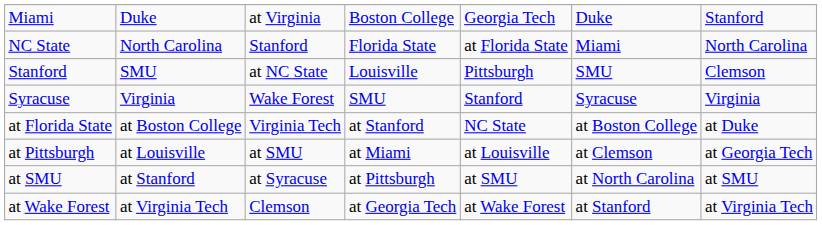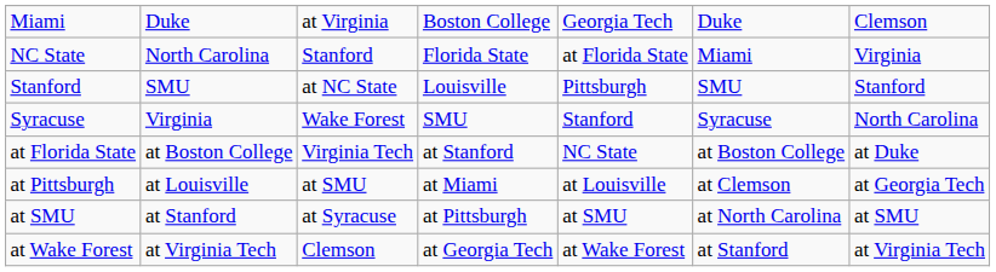 <table class="wikitable">
 <tr>
 </tr>
 <tr>
 <td><a href='#'>Miami</a></td>
 <td><a href='#'>Duke</a></td>
 <td>at <a href='#'>Virginia</a></td>
 <td><a href='#'>Boston College</a></td>
 <td><a href='#'>Georgia Tech</a></td>
 <td><a href='#'>Duke</a></td>
-<td><a href='#'>Stanford</a></td>
+<td><a href='#'>Clemson</a></td>
 </tr>
 <tr>
 <td><a href='#'>NC State</a></td>
 <td><a href='#'>North Carolina</a></td>
 <td><a href='#'>Stanford</a></td>
 <td><a href='#'>Florida State</a></td>
 <td>at <a href='#'>Florida State</a></td>
 <td><a href='#'>Miami</a></td>
-<td><a href='#'>North Carolina</a></td>
+<td><a href='#'>Virginia</a></td>
 </tr>
 <tr>
 <td><a href='#'>Stanford</a></td>
 <td><a href='#'>SMU</a></td>
 <td>at <a href='#'>NC State</a></td>
 <td><a href='#'>Louisville</a></td>
 <td><a href='#'>Pittsburgh</a></td>
 <td><a href='#'>SMU</a></td>
-<td><a href='#'>Clemson</a></td>
+<td><a href='#'>Stanford</a></td>
 </tr>
 <tr>
 <td><a href='#'>Syracuse</a></td>
 <td><a href='#'>Virginia</a></td>
 <td><a href='#'>Wake Forest</a></td>
 <td><a href='#'>SMU</a></td>
 <td><a href='#'>Stanford</a></td>
 <td><a href='#'>Syracuse</a></td>
-<td><a href='#'>Virginia</a></td>
+<td><a href='#'>North Carolina</a></td>
 </tr>
 <tr>
 <td>at <a href='#'>Florida State</a></td>
 <td>at <a href='#'>Boston College</a></td>
 <td><a href='#'>Virginia Tech</a></td>
 <td>at <a href='#'>Stanford</a></td>
 <td><a href='#'>NC State</a></td>
 <td>at <a href='#'>Boston College</a></td>
 <td>at <a href='#'>Duke</a></td>
 </tr>
 <tr>
 <td>at <a href='#'>Pittsburgh</a></td>
 <td>at <a href='#'>Louisville</a></td>
 <td>at <a href='#'>SMU</a></td>
 <td>at <a href='#'>Miami</a></td>
 <td>at <a href='#'>Louisville</a></td>
 <td>at <a href='#'>Clemson</a></td>
 <td>at <a href='#'>Georgia Tech</a></td>
 </tr>
 <tr>
 <td>at <a href='#'>SMU</a></td>
 <td>at <a href='#'>Stanford</a></td>
 <td>at <a href='#'>Syracuse</a></td>
 <td>at <a href='#'>Pittsburgh</a></td>
 <td>at <a href='#'>SMU</a></td>
 <td>at <a href='#'>North Carolina</a></td>
 <td>at <a href='#'>SMU</a></td>
 </tr>
 <tr>
 <td>at <a href='#'>Wake Forest</a></td>
 <td>at <a href='#'>Virginia Tech</a></td>
 <td><a href='#'>Clemson</a></td>
 <td>at <a href='#'>Georgia Tech</a></td>
 <td>at <a href='#'>Wake Forest</a></td>
 <td>at <a href='#'>Stanford</a></td>
 <td>at <a href='#'>Virginia Tech</a></td>
 </tr>
 </table>
